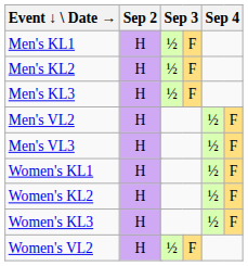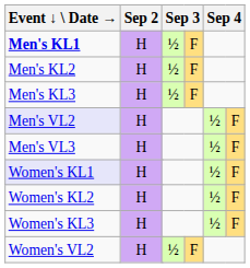 <table class="wikitable" style="margin:0.5em auto; font-size:90%; line-height:1.25em; text-align:center;">
 <tr>
 <th>Event ↓ \ Date →</th>
 <th colspan="2">Sep 2</th>
 <th colspan="2">Sep 3</th>
 <th colspan="2">Sep 4</th>
 </tr>
 <tr>
-<td style="text-align:left;"><a href='#'>Men's KL1</a></td>
+<td style="text-align:left;"><strong><a href='#'>Men's KL1</a></strong></td>
 <td colspan=2 style="background-color:#D0A9F5;">H</td>
 <td style="background-color:#D9FFB2;">½</td>
 <td style="background-color:#FFDF80;">F</td>
 <td colspan=2></td>
 </tr>
 <tr>
 <td style="text-align:left;"><a href='#'>Men's KL2</a></td>
 <td colspan=2 style="background-color:#D0A9F5;">H</td>
 <td style="background-color:#D9FFB2;">½</td>
 <td style="background-color:#FFDF80;">F</td>
 <td colspan=2></td>
 </tr>
 <tr>
 <td style="text-align:left;"><a href='#'>Men's KL3</a></td>
 <td colspan=2 style="background-color:#D0A9F5;">H</td>
 <td style="background-color:#D9FFB2;">½</td>
 <td style="background-color:#FFDF80;">F</td>
 <td colspan=2></td>
 </tr>
 <tr>
-<td style="text-align:left;"><a href='#'>Men's VL2</a></td>
+<td style="background: lavender; text-align:left;"><a href='#'>Men's VL2</a></td>
 <td colspan=2 style="background-color:#D0A9F5;">H</td>
 <td colspan=2></td>
 <td style="background-color:#D9FFB2;">½</td>
 <td style="background-color:#FFDF80;">F</td>
 </tr>
 <tr>
 <td style="text-align:left;"><a href='#'>Men's VL3</a></td>
 <td colspan=2 style="background-color:#D0A9F5;">H</td>
 <td colspan=2></td>
 <td style="background-color:#D9FFB2;">½</td>
 <td style="background-color:#FFDF80;">F</td>
 </tr>
 <tr>
-<td style="text-align:left;"><a href='#'>Women's KL1</a></td>
+<td style="background: lavender; text-align:left;"><a href='#'>Women's KL1</a></td>
 <td colspan=2 style="background-color:#D0A9F5;">H</td>
 <td colspan=2></td>
 <td style="background-color:#D9FFB2;">½</td>
 <td style="background-color:#FFDF80;">F</td>
 </tr>
 <tr>
 <td style="text-align:left;"><a href='#'>Women's KL2</a></td>
 <td colspan=2 style="background-color:#D0A9F5;">H</td>
 <td colspan=2></td>
 <td style="background-color:#D9FFB2;">½</td>
 <td style="background-color:#FFDF80;">F</td>
 </tr>
 <tr>
 <td style="text-align:left;"><a href='#'>Women's KL3</a></td>
 <td colspan=2 style="background-color:#D0A9F5;">H</td>
 <td colspan=2></td>
 <td style="background-color:#D9FFB2;">½</td>
 <td style="background-color:#FFDF80;">F</td>
 </tr>
 <tr>
 <td style="text-align:left;"><a href='#'>Women's VL2</a></td>
 <td colspan=2 style="background-color:#D0A9F5;">H</td>
 <td style="background-color:#D9FFB2;">½</td>
 <td style="background-color:#FFDF80;">F</td>
 <td colspan=2></td>
 </tr>
 </table>
